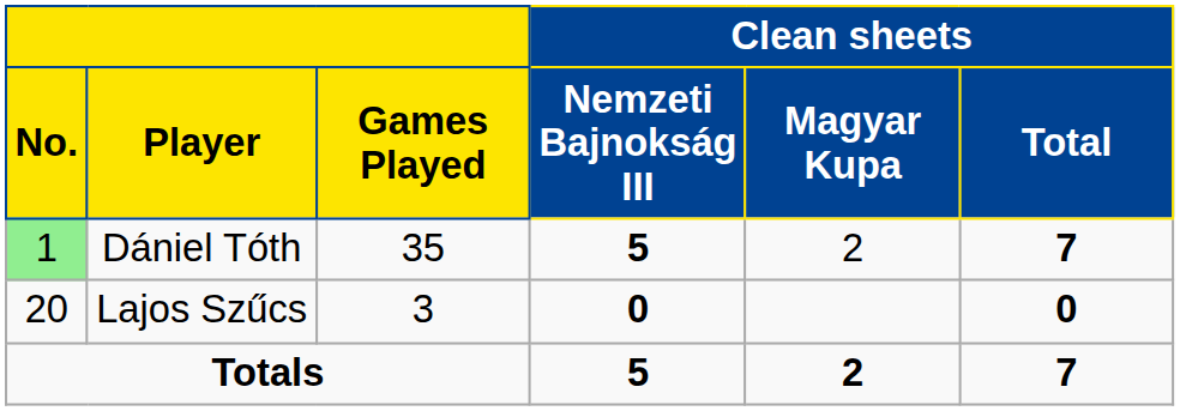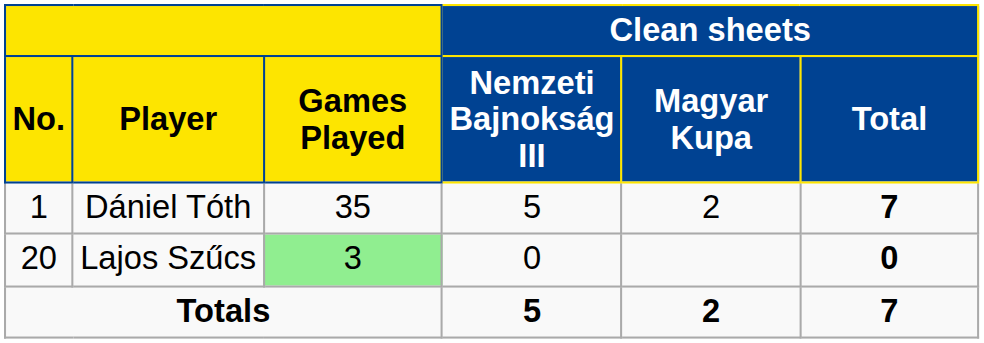 <table class="wikitable sortable alternance" style="text-align:center">
 <tr>
 <th colspan="3" style="background:#FDE500;border:1px solid #004292"></th>
 <th colspan="4" style="background:#004292;color:white;border:1px solid #FDE500">Clean sheets</th>
 </tr>
 <tr>
 <th style="background-color:#FDE500;color:black;border:1px solid #004292">No.</th>
 <th style="background-color:#FDE500;color:black;border:1px solid #004292">Player</th>
 <th width=80 style="background-color:#FDE500;color:black;border:1px solid #004292">Games Played</th>
 <th width=80 style="background-color:#004292;color:white;border:1px solid #FDE500">Nemzeti Bajnokság III</th>
 <th width=80 style="background-color:#004292;color:white;border:1px solid #FDE500">Magyar Kupa</th>
 <th width=80 style="background-color:#004292;color:white;border:1px solid #FDE500">Total</th>
 </tr>
 <tr>
-<td style="background: lightgreen;">1</td>
+<td>1</td>
 <td> Dániel Tóth</td>
 <td>35</td>
-<td><strong>5</strong></td>
+<td>5</td>
 <td>2</td>
 <td><strong>7</strong></td>
 </tr>
 <tr>
 <td>20</td>
 <td> Lajos Szűcs</td>
-<td>3</td>
-<td><strong>0</strong></td>
+<td style="background: lightgreen;">3</td>
+<td>0</td>
 <td></td>
 <td><strong>0</strong></td>
 </tr>
 <tr class="sortbottom">
 <td colspan="3"><strong>Totals</strong></td>
 <td><strong>5</strong></td>
 <td><strong>2</strong></td>
 <td><strong>7</strong></td>
 </tr>
 </table>
